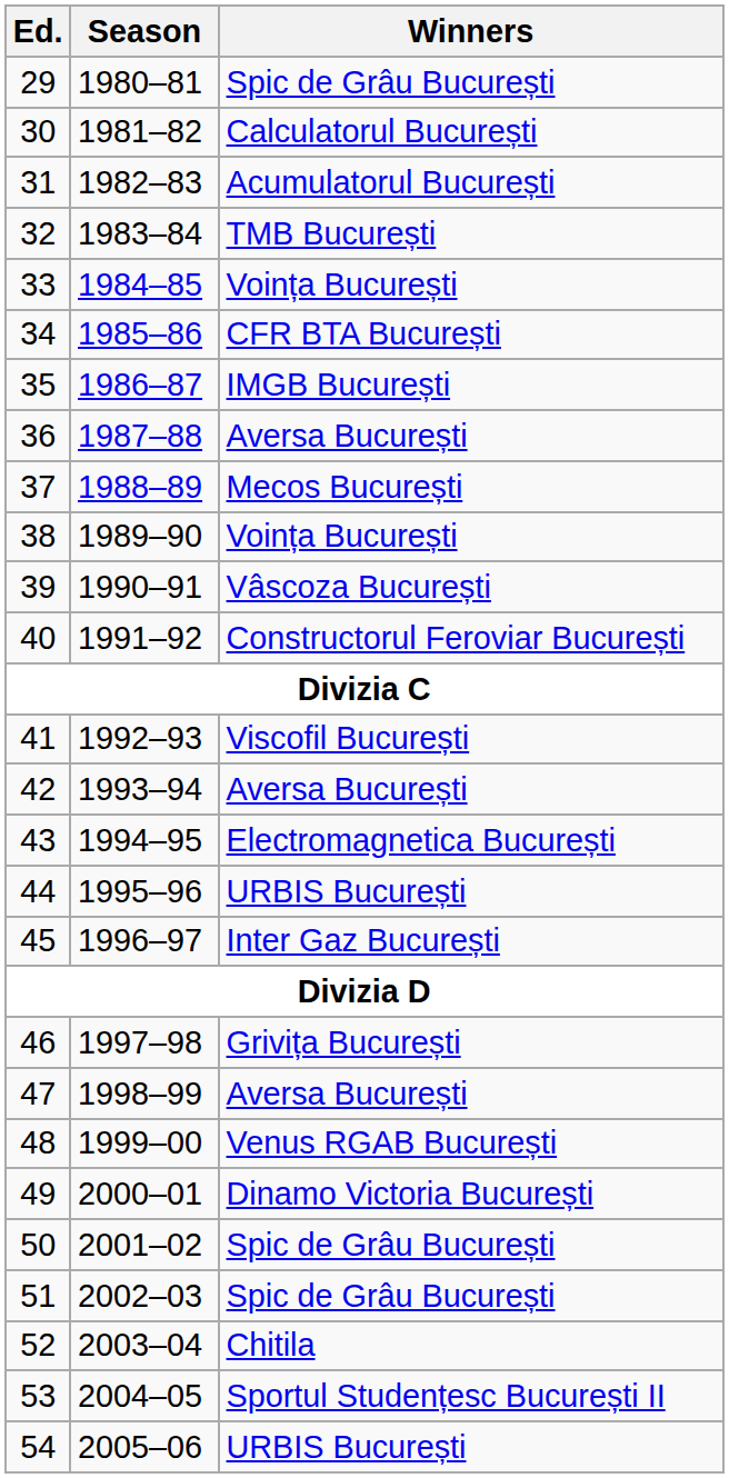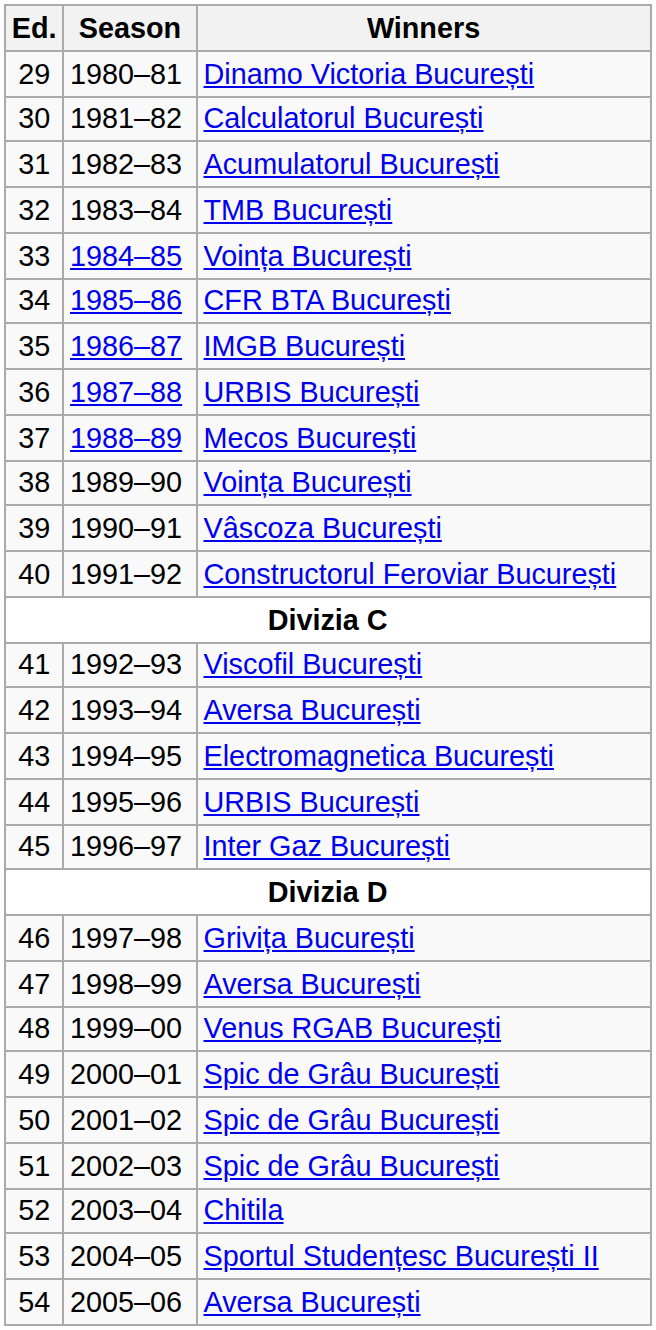 <table class="wikitable" style="font-size:90%">
 <tr>
 <th><abbr>Ed.</abbr></th>
 <th width="60">Season</th>
 <th width="220">Winners</th>
 </tr>
 <tr>
 <td align=center>29</td>
 <td>1980–81</td>
-<td><a href='#'>Spic de Grâu București</a></td>
+<td><a href='#'>Dinamo Victoria București</a></td>
 </tr>
 <tr>
 <td align=center>30</td>
 <td>1981–82</td>
 <td><a href='#'>Calculatorul București</a></td>
 </tr>
 <tr>
 <td align=center>31</td>
 <td>1982–83</td>
 <td><a href='#'>Acumulatorul București</a></td>
 </tr>
 <tr>
 <td align=center>32</td>
 <td>1983–84</td>
 <td><a href='#'>TMB București</a></td>
 </tr>
 <tr>
 <td align=center>33</td>
 <td><a href='#'>1984–85</a></td>
 <td><a href='#'>Voința București</a></td>
 </tr>
 <tr>
 <td align=center>34</td>
 <td><a href='#'>1985–86</a></td>
 <td><a href='#'>CFR BTA București</a></td>
 </tr>
 <tr>
 <td align=center>35</td>
 <td><a href='#'>1986–87</a></td>
 <td><a href='#'>IMGB București</a></td>
 </tr>
 <tr>
 <td align=center>36</td>
 <td><a href='#'>1987–88</a></td>
-<td><a href='#'>Aversa București</a></td>
+<td><a href='#'>URBIS București</a></td>
 </tr>
 <tr>
 <td align=center>37</td>
 <td><a href='#'>1988–89</a></td>
 <td><a href='#'>Mecos București</a></td>
 </tr>
 <tr>
 <td align=center>38</td>
 <td>1989–90</td>
 <td><a href='#'>Voința București</a></td>
 </tr>
 <tr>
 <td align=center>39</td>
 <td>1990–91</td>
 <td><a href='#'>Vâscoza București</a></td>
 </tr>
 <tr>
 <td align=center>40</td>
 <td>1991–92</td>
 <td><a href='#'>Constructorul Feroviar București</a></td>
 </tr>
 <tr>
 <th colspan="3" style="background:#ffffff">Divizia C</th>
 </tr>
 <tr>
 <td align=center>41</td>
 <td>1992–93</td>
 <td><a href='#'>Viscofil București</a></td>
 </tr>
 <tr>
 <td align=center>42</td>
 <td>1993–94</td>
 <td><a href='#'>Aversa București</a></td>
 </tr>
 <tr>
 <td align=center>43</td>
 <td>1994–95</td>
 <td><a href='#'>Electromagnetica București</a></td>
 </tr>
 <tr>
 <td align=center>44</td>
 <td>1995–96</td>
 <td><a href='#'>URBIS București</a></td>
 </tr>
 <tr>
 <td align=center>45</td>
 <td>1996–97</td>
 <td><a href='#'>Inter Gaz București</a></td>
 </tr>
 <tr>
 <th colspan="3" style="background:#ffffff">Divizia D</th>
 </tr>
 <tr>
 <td align=center>46</td>
 <td>1997–98</td>
 <td><a href='#'>Grivița București</a></td>
 </tr>
 <tr>
 <td align=center>47</td>
 <td>1998–99</td>
 <td><a href='#'>Aversa București</a></td>
 </tr>
 <tr>
 <td align=center>48</td>
 <td>1999–00</td>
 <td><a href='#'>Venus RGAB București</a></td>
 </tr>
 <tr>
 <td align=center>49</td>
 <td>2000–01</td>
-<td><a href='#'>Dinamo Victoria București</a></td>
+<td><a href='#'>Spic de Grâu București</a></td>
 </tr>
 <tr>
 <td align=center>50</td>
 <td>2001–02</td>
 <td><a href='#'>Spic de Grâu București</a></td>
 </tr>
 <tr>
 <td align=center>51</td>
 <td>2002–03</td>
 <td><a href='#'>Spic de Grâu București</a></td>
 </tr>
 <tr>
 <td align=center>52</td>
 <td>2003–04</td>
 <td><a href='#'>Chitila</a></td>
 </tr>
 <tr>
 <td align=center>53</td>
 <td>2004–05</td>
 <td><a href='#'>Sportul Studențesc București II</a></td>
 </tr>
 <tr>
 <td align=center>54</td>
 <td>2005–06</td>
-<td><a href='#'>URBIS București</a></td>
+<td><a href='#'>Aversa București</a></td>
 </tr>
 <tr>
 </tr>
 </table>
